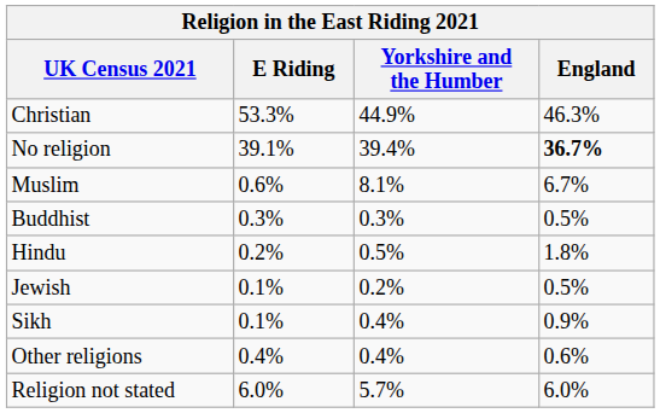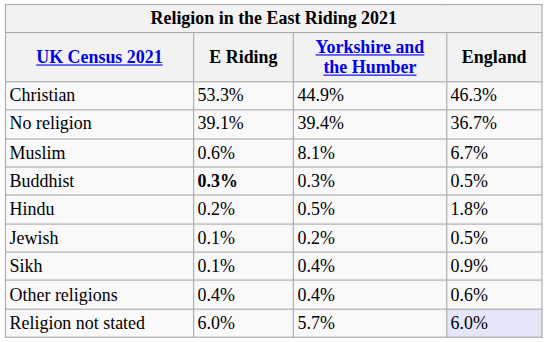 <table class="wikitable floatright" style="margin-left: 1em; width: 30em; ">
 <tr>
 <th colspan="4"><strong>Religion in the East Riding 2021</strong></th>
 </tr>
 <tr>
 <th><a href='#'>UK Census 2021</a></th>
 <th>E Riding</th>
 <th><a href='#'>Yorkshire and<br>the Humber</a></th>
 <th>England</th>
 </tr>
 <tr>
 <td>Christian</td>
 <td>53.3%</td>
 <td>44.9%</td>
 <td>46.3%</td>
 </tr>
 <tr>
 <td>No religion</td>
 <td>39.1%</td>
 <td>39.4%</td>
-<td><strong>36.7%</strong></td>
+<td>36.7%</td>
 </tr>
 <tr>
 <td>Muslim</td>
 <td>0.6%</td>
 <td>8.1%</td>
 <td>6.7%</td>
 </tr>
 <tr>
 <td>Buddhist</td>
-<td>0.3%</td>
+<td><strong>0.3%</strong></td>
 <td>0.3%</td>
 <td>0.5%</td>
 </tr>
 <tr>
 <td>Hindu</td>
 <td>0.2%</td>
 <td>0.5%</td>
 <td>1.8%</td>
 </tr>
 <tr>
 <td>Jewish</td>
 <td>0.1%</td>
 <td>0.2%</td>
 <td>0.5%</td>
 </tr>
 <tr>
 <td>Sikh</td>
 <td>0.1%</td>
 <td>0.4%</td>
 <td>0.9%</td>
 </tr>
 <tr>
 <td>Other religions</td>
 <td>0.4%</td>
 <td>0.4%</td>
 <td>0.6%</td>
 </tr>
 <tr>
 <td>Religion not stated</td>
 <td>6.0%</td>
 <td>5.7%</td>
-<td>6.0%</td>
+<td style="background: lavender;">6.0%</td>
 </tr>
 </table>
